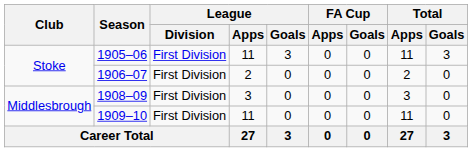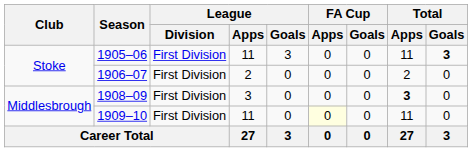 <table class="wikitable" style="text-align: center;">
 <tr>
 <th rowspan="2">Club</th>
 <th rowspan="2">Season</th>
 <th colspan="3">League</th>
 <th colspan="2">FA Cup</th>
 <th colspan="2">Total</th>
 </tr>
 <tr>
 <th>Division</th>
 <th>Apps</th>
 <th>Goals</th>
 <th>Apps</th>
 <th>Goals</th>
 <th>Apps</th>
 <th>Goals</th>
 </tr>
 <tr>
 <td rowspan="2"><a href='#'>Stoke</a></td>
 <td><a href='#'>1905–06</a></td>
 <td><a href='#'>First Division</a></td>
 <td>11</td>
 <td>3</td>
 <td>0</td>
 <td>0</td>
 <td>11</td>
-<td>3</td>
+<td><strong>3</strong></td>
 </tr>
 <tr>
 <td><a href='#'>1906–07</a></td>
 <td>First Division</td>
 <td>2</td>
 <td>0</td>
 <td>0</td>
 <td>0</td>
 <td>2</td>
 <td>0</td>
 </tr>
 <tr>
 <td rowspan="2"><a href='#'>Middlesbrough</a></td>
 <td><a href='#'>1908–09</a></td>
 <td>First Division</td>
 <td>3</td>
 <td>0</td>
 <td>0</td>
 <td>0</td>
-<td>3</td>
+<td><strong>3</strong></td>
 <td>0</td>
 </tr>
 <tr>
 <td><a href='#'>1909–10</a></td>
 <td>First Division</td>
 <td>11</td>
 <td>0</td>
-<td>0</td>
+<td style="background: lightyellow;">0</td>
 <td>0</td>
 <td>11</td>
 <td>0</td>
 </tr>
 <tr>
 <th colspan=3>Career Total</th>
 <th>27</th>
 <th>3</th>
 <th>0</th>
 <th>0</th>
 <th>27</th>
 <th>3</th>
 </tr>
 </table>
